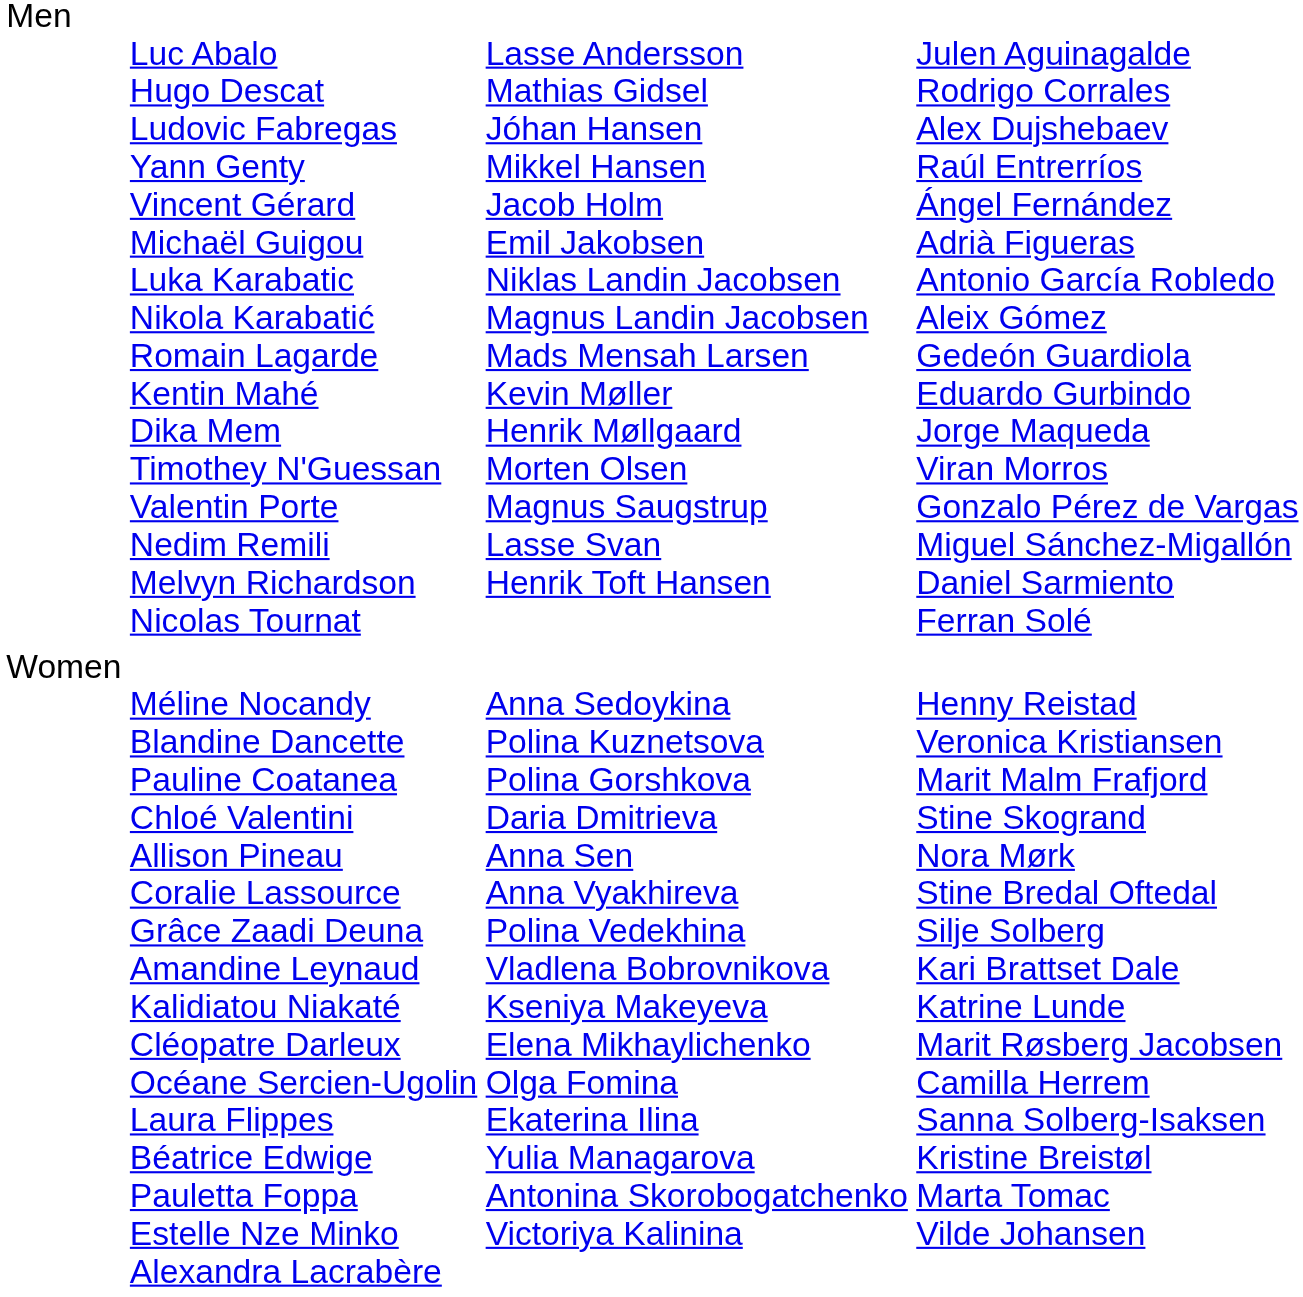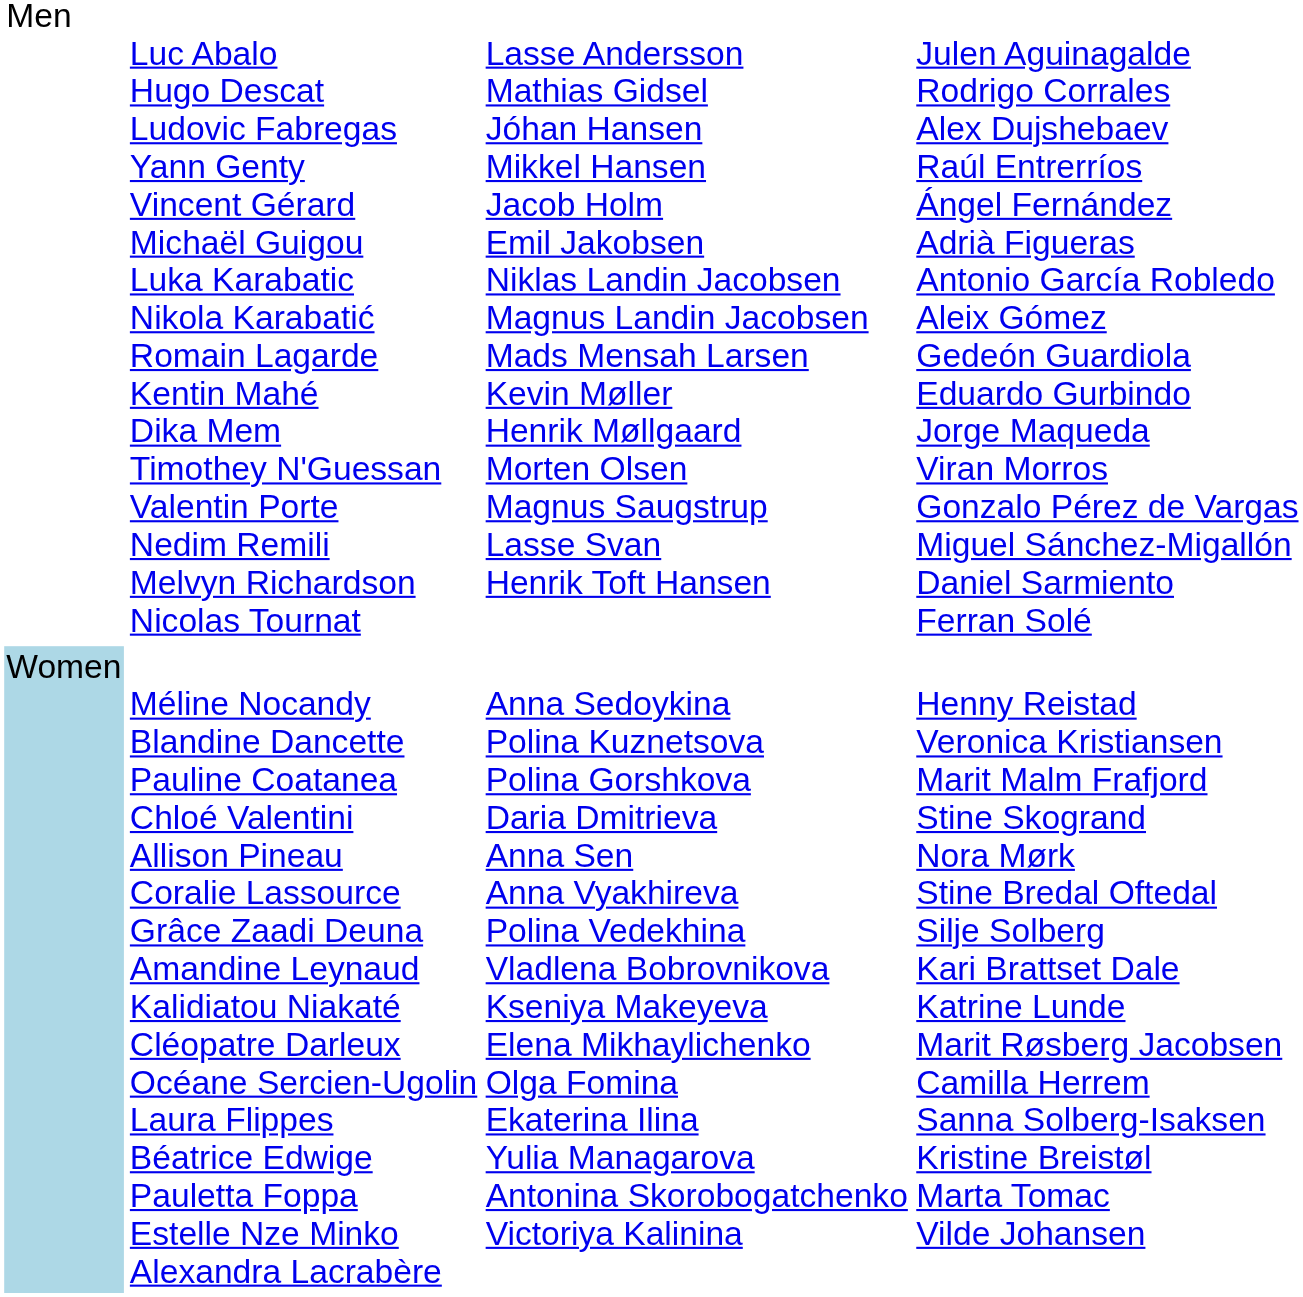 <table>
 <tr valign="top">
 <td>Men<br></td>
 <td><br><a href='#'>Luc Abalo</a><br><a href='#'>Hugo Descat</a><br><a href='#'>Ludovic Fabregas</a><br><a href='#'>Yann Genty</a><br><a href='#'>Vincent Gérard</a><br><a href='#'>Michaël Guigou</a><br><a href='#'>Luka Karabatic</a><br><a href='#'>Nikola Karabatić</a><br><a href='#'>Romain Lagarde</a><br><a href='#'>Kentin Mahé</a><br><a href='#'>Dika Mem</a><br><a href='#'>Timothey N'Guessan</a><br><a href='#'>Valentin Porte</a><br><a href='#'>Nedim Remili</a><br><a href='#'>Melvyn Richardson</a><br><a href='#'>Nicolas Tournat</a></td>
 <td><br><a href='#'>Lasse Andersson</a><br><a href='#'>Mathias Gidsel</a><br><a href='#'>Jóhan Hansen</a><br><a href='#'>Mikkel Hansen</a><br><a href='#'>Jacob Holm</a><br><a href='#'>Emil Jakobsen</a><br><a href='#'>Niklas Landin Jacobsen</a><br><a href='#'>Magnus Landin Jacobsen</a><br><a href='#'>Mads Mensah Larsen</a><br><a href='#'>Kevin Møller</a><br><a href='#'>Henrik Møllgaard</a><br><a href='#'>Morten Olsen</a><br><a href='#'>Magnus Saugstrup</a><br><a href='#'>Lasse Svan</a><br><a href='#'>Henrik Toft Hansen</a></td>
 <td><br><a href='#'>Julen Aguinagalde</a><br><a href='#'>Rodrigo Corrales</a><br><a href='#'>Alex Dujshebaev</a><br><a href='#'>Raúl Entrerríos</a><br><a href='#'>Ángel Fernández</a><br><a href='#'>Adrià Figueras</a><br><a href='#'>Antonio García Robledo</a><br><a href='#'>Aleix Gómez</a><br><a href='#'>Gedeón Guardiola</a><br><a href='#'>Eduardo Gurbindo</a><br><a href='#'>Jorge Maqueda</a><br><a href='#'>Viran Morros</a><br><a href='#'>Gonzalo Pérez de Vargas</a><br><a href='#'>Miguel Sánchez-Migallón</a><br><a href='#'>Daniel Sarmiento</a><br><a href='#'>Ferran Solé</a></td>
 </tr>
 <tr valign="top">
-<td>Women<br></td>
+<td style="background: lightblue;">Women<br></td>
 <td><br><a href='#'>Méline Nocandy</a><br><a href='#'>Blandine Dancette</a><br><a href='#'>Pauline Coatanea</a><br><a href='#'>Chloé Valentini</a><br><a href='#'>Allison Pineau</a><br><a href='#'>Coralie Lassource</a><br><a href='#'>Grâce Zaadi Deuna</a><br><a href='#'>Amandine Leynaud</a><br><a href='#'>Kalidiatou Niakaté</a><br><a href='#'>Cléopatre Darleux</a><br><a href='#'>Océane Sercien-Ugolin</a><br><a href='#'>Laura Flippes</a><br><a href='#'>Béatrice Edwige</a><br><a href='#'>Pauletta Foppa</a><br><a href='#'>Estelle Nze Minko</a><br><a href='#'>Alexandra Lacrabère</a></td>
 <td><br><a href='#'>Anna Sedoykina</a><br><a href='#'>Polina Kuznetsova</a><br><a href='#'>Polina Gorshkova</a><br><a href='#'>Daria Dmitrieva</a><br><a href='#'>Anna Sen</a><br><a href='#'>Anna Vyakhireva</a><br><a href='#'>Polina Vedekhina</a><br><a href='#'>Vladlena Bobrovnikova</a><br><a href='#'>Kseniya Makeyeva</a><br><a href='#'>Elena Mikhaylichenko</a><br><a href='#'>Olga Fomina</a><br><a href='#'>Ekaterina Ilina</a><br><a href='#'>Yulia Managarova</a><br><a href='#'>Antonina Skorobogatchenko</a><br><a href='#'>Victoriya Kalinina</a></td>
 <td><br><a href='#'>Henny Reistad</a><br><a href='#'>Veronica Kristiansen</a><br><a href='#'>Marit Malm Frafjord</a><br><a href='#'>Stine Skogrand</a><br><a href='#'>Nora Mørk</a><br><a href='#'>Stine Bredal Oftedal</a><br><a href='#'>Silje Solberg</a><br><a href='#'>Kari Brattset Dale</a><br><a href='#'>Katrine Lunde</a><br><a href='#'>Marit Røsberg Jacobsen</a><br><a href='#'>Camilla Herrem</a><br><a href='#'>Sanna Solberg-Isaksen</a><br><a href='#'>Kristine Breistøl</a><br><a href='#'>Marta Tomac</a><br><a href='#'>Vilde Johansen</a></td>
 </tr>
 </table>
